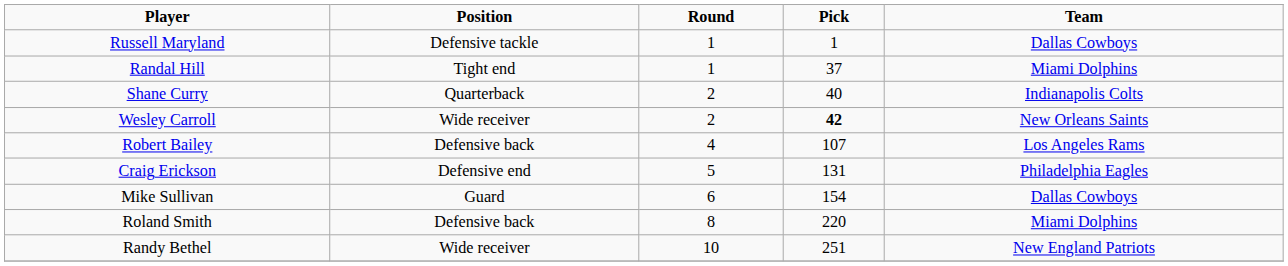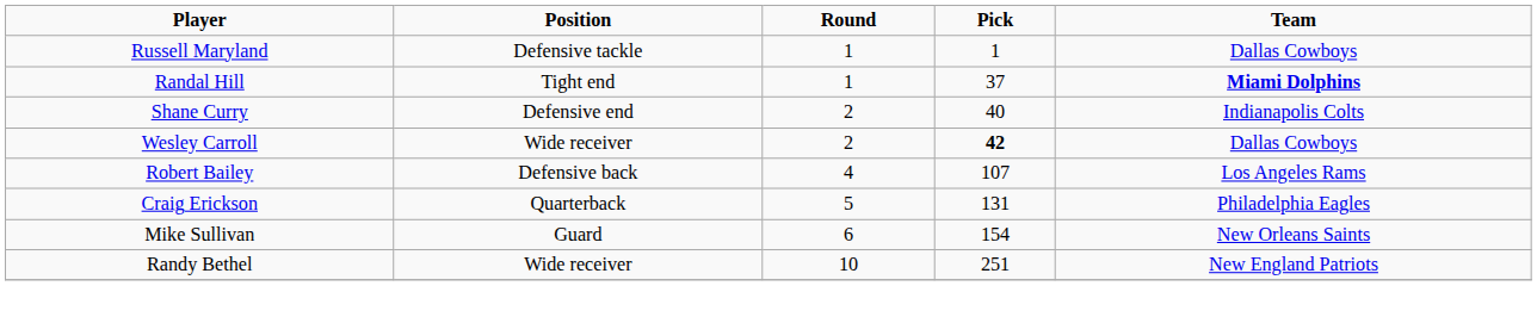 <table class="wikitable" style="width:80%;">
 <tr style="text-align:center; ">
 <td><strong>Player</strong></td>
 <td><strong>Position</strong></td>
 <td><strong>Round</strong></td>
 <td><strong>Pick</strong></td>
 <td><strong>Team</strong></td>
 </tr>
 <tr align="center" bgcolor="">
 <td><a href='#'>Russell Maryland</a></td>
 <td>Defensive tackle</td>
 <td>1</td>
 <td>1</td>
 <td><a href='#'>Dallas Cowboys</a></td>
 </tr>
 <tr align="center" bgcolor="">
 <td><a href='#'>Randal Hill</a></td>
 <td>Tight end</td>
 <td>1</td>
 <td>37</td>
-<td><a href='#'>Miami Dolphins</a></td>
+<td><strong><a href='#'>Miami Dolphins</a></strong></td>
 </tr>
 <tr align="center" bgcolor="">
 <td><a href='#'>Shane Curry</a></td>
-<td>Quarterback</td>
+<td>Defensive end</td>
 <td>2</td>
 <td>40</td>
 <td><a href='#'>Indianapolis Colts</a></td>
 </tr>
 <tr align="center" bgcolor="">
 <td><a href='#'>Wesley Carroll</a></td>
 <td>Wide receiver</td>
 <td>2</td>
 <td><strong>42</strong></td>
-<td><a href='#'>New Orleans Saints</a></td>
+<td><a href='#'>Dallas Cowboys</a></td>
 </tr>
 <tr align="center" bgcolor="">
 <td><a href='#'>Robert Bailey</a></td>
 <td>Defensive back</td>
 <td>4</td>
 <td>107</td>
 <td><a href='#'>Los Angeles Rams</a></td>
 </tr>
 <tr align="center" bgcolor="">
 <td><a href='#'>Craig Erickson</a></td>
-<td>Defensive end</td>
+<td>Quarterback</td>
 <td>5</td>
 <td>131</td>
 <td><a href='#'>Philadelphia Eagles</a></td>
 </tr>
 <tr align="center" bgcolor="">
 <td>Mike Sullivan</td>
 <td>Guard</td>
 <td>6</td>
 <td>154</td>
-<td><a href='#'>Dallas Cowboys</a></td>
-</tr>
-<tr align="center" bgcolor="">
-<td>Roland Smith</td>
-<td>Defensive back</td>
-<td>8</td>
-<td>220</td>
-<td><a href='#'>Miami Dolphins</a></td>
+<td><a href='#'>New Orleans Saints</a></td>
 </tr>
 <tr align="center" bgcolor="">
 <td>Randy Bethel</td>
 <td>Wide receiver</td>
 <td>10</td>
 <td>251</td>
 <td><a href='#'>New England Patriots</a></td>
 </tr>
 <tr align="center" bgcolor="">
 </tr>
 </table>
